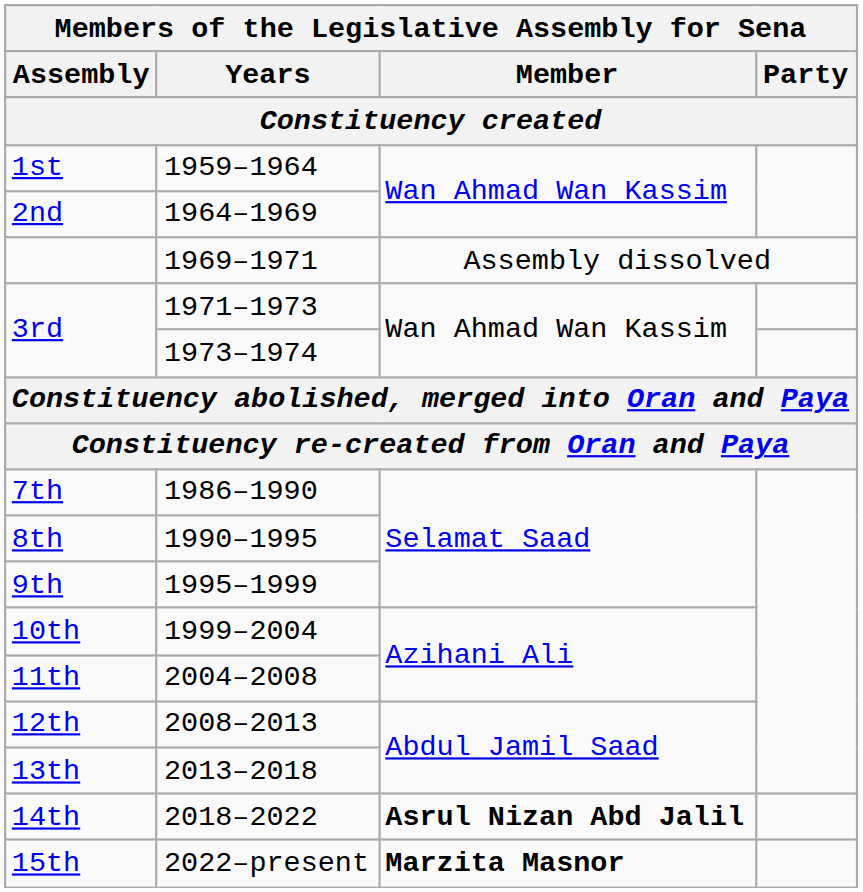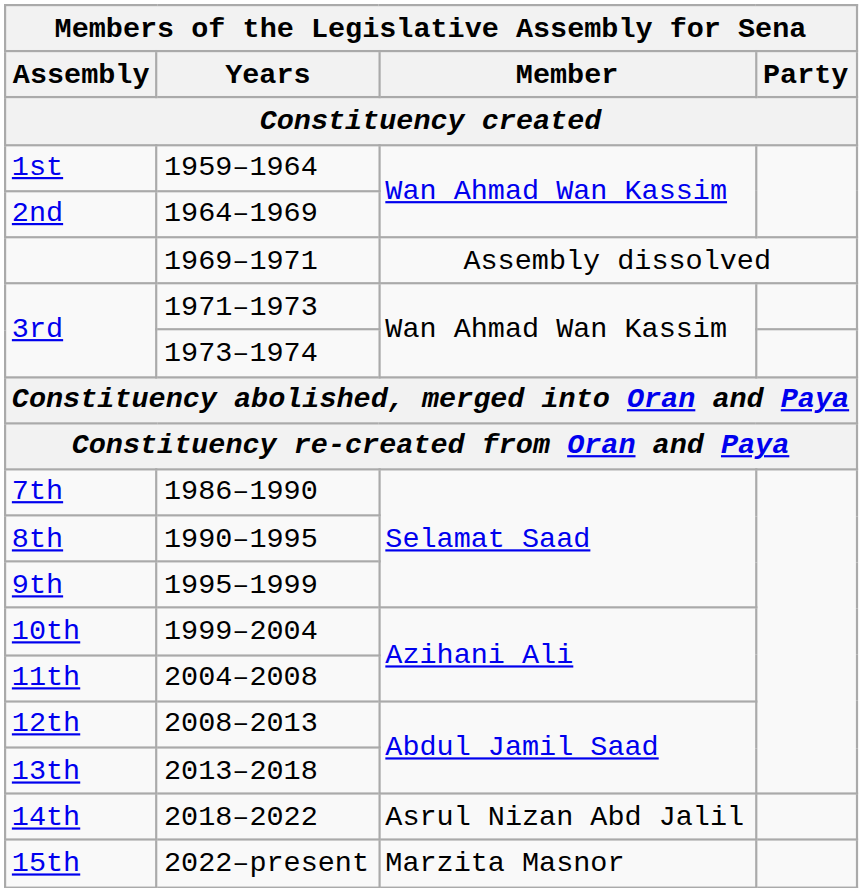 <table class=wikitable>
 <tr>
 <th colspan=4>Members of the Legislative Assembly for Sena</th>
 </tr>
 <tr>
 <th>Assembly</th>
 <th>Years</th>
 <th>Member</th>
 <th>Party</th>
 </tr>
 <tr>
 <th colspan=4 align=center><em>Constituency created</em></th>
 </tr>
 <tr>
 <td><a href='#'>1st</a></td>
 <td>1959–1964</td>
 <td rowspan=2><a href='#'>Wan Ahmad Wan Kassim</a></td>
 <td rowspan=2></td>
 </tr>
 <tr>
 <td><a href='#'>2nd</a></td>
 <td>1964–1969</td>
 </tr>
 <tr>
 <td></td>
 <td>1969–1971</td>
 <td colspan=2 align=center>Assembly dissolved</td>
 </tr>
 <tr>
 <td rowspan=2><a href='#'>3rd</a></td>
 <td>1971–1973</td>
 <td rowspan=2>Wan Ahmad Wan Kassim</td>
 <td></td>
 </tr>
 <tr>
 <td>1973–1974</td>
 <td></td>
 </tr>
 <tr>
 <th colspan=4 align=center><em>Constituency abolished, merged into <a href='#'>Oran</a> and <a href='#'>Paya</a></em></th>
 </tr>
 <tr>
 <th colspan=4 align=center><em>Constituency re-created from <a href='#'>Oran</a> and <a href='#'>Paya</a></em></th>
 </tr>
 <tr>
 <td><a href='#'>7th</a></td>
 <td>1986–1990</td>
 <td rowspan=3><a href='#'>Selamat Saad</a></td>
 <td rowspan=7></td>
 </tr>
 <tr>
 <td><a href='#'>8th</a></td>
 <td>1990–1995</td>
 </tr>
 <tr>
 <td><a href='#'>9th</a></td>
 <td>1995–1999</td>
 </tr>
 <tr>
 <td><a href='#'>10th</a></td>
 <td>1999–2004</td>
 <td rowspan=2><a href='#'>Azihani Ali</a></td>
 </tr>
 <tr>
 <td><a href='#'>11th</a></td>
 <td>2004–2008</td>
 </tr>
 <tr>
 <td><a href='#'>12th</a></td>
 <td>2008–2013</td>
 <td rowspan=2><a href='#'>Abdul Jamil Saad</a></td>
 </tr>
 <tr>
 <td><a href='#'>13th</a></td>
 <td>2013–2018</td>
 </tr>
 <tr>
 <td><a href='#'>14th</a></td>
 <td>2018–2022</td>
-<td><strong>Asrul Nizan Abd Jalil</strong></td>
+<td>Asrul Nizan Abd Jalil</td>
 <td></td>
 </tr>
 <tr>
 <td><a href='#'>15th</a></td>
 <td>2022–present</td>
-<td><strong>Marzita Masnor</strong></td>
+<td>Marzita Masnor</td>
 <td></td>
 </tr>
 </table>
